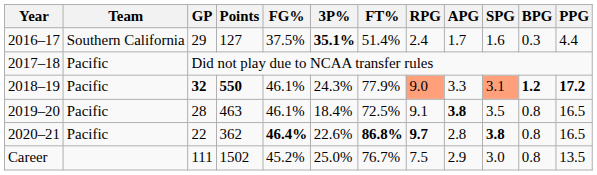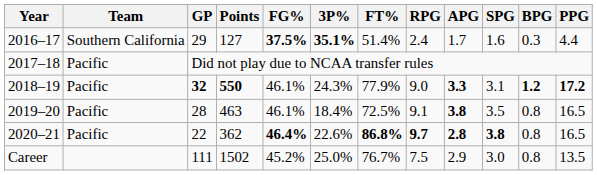 <table class="wikitable">
 <tr>
 <th>Year</th>
 <th>Team</th>
 <th>GP</th>
 <th>Points</th>
 <th>FG%</th>
 <th>3P%</th>
 <th>FT%</th>
 <th>RPG</th>
 <th>APG</th>
 <th>SPG</th>
 <th>BPG</th>
 <th>PPG</th>
 </tr>
 <tr>
 <td>2016–17</td>
 <td>Southern California</td>
 <td>29</td>
 <td>127</td>
-<td>37.5%</td>
+<td><strong>37.5%</strong></td>
 <td><strong>35.1%</strong></td>
 <td>51.4%</td>
 <td>2.4</td>
 <td>1.7</td>
 <td>1.6</td>
 <td>0.3</td>
 <td>4.4</td>
 </tr>
 <tr>
 <td>2017–18</td>
 <td>Pacific</td>
 <td colspan="10">Did not play due to NCAA transfer rules</td>
 </tr>
 <tr>
 <td>2018–19</td>
 <td>Pacific</td>
 <td><strong>32</strong></td>
 <td><strong>550</strong></td>
 <td>46.1%</td>
 <td>24.3%</td>
 <td>77.9%</td>
-<td style="background: lightsalmon;">9.0</td>
-<td>3.3</td>
-<td style="background: lightsalmon;">3.1</td>
+<td>9.0</td>
+<td><strong>3.3</strong></td>
+<td>3.1</td>
 <td><strong>1.2</strong></td>
 <td><strong>17.2</strong></td>
 </tr>
 <tr>
 <td>2019–20</td>
 <td>Pacific</td>
 <td>28</td>
 <td>463</td>
 <td>46.1%</td>
 <td>18.4%</td>
 <td>72.5%</td>
 <td>9.1</td>
 <td><strong>3.8</strong></td>
 <td>3.5</td>
 <td>0.8</td>
 <td>16.5</td>
 </tr>
 <tr>
 <td>2020–21</td>
 <td>Pacific</td>
 <td>22</td>
 <td>362</td>
 <td><strong>46.4%</strong></td>
 <td>22.6%</td>
 <td><strong>86.8%</strong></td>
 <td><strong>9.7</strong></td>
-<td>2.8</td>
+<td><strong>2.8</strong></td>
 <td><strong>3.8</strong></td>
 <td>0.8</td>
 <td>16.5</td>
 </tr>
 <tr>
 <td>Career</td>
 <td></td>
 <td>111</td>
 <td>1502</td>
 <td>45.2%</td>
 <td>25.0%</td>
 <td>76.7%</td>
 <td>7.5</td>
 <td>2.9</td>
 <td>3.0</td>
 <td>0.8</td>
 <td>13.5</td>
 </tr>
 </table>
